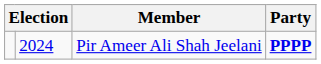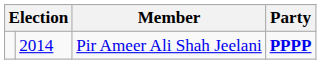 <table class="wikitable">
 <tr>
 <th colspan="2">Election</th>
 <th>Member</th>
 <th>Party</th>
 </tr>
 <tr>
 <td style="background-color: "></td>
-<td><a href='#'>2024</a></td>
+<td><a href='#'>2014</a></td>
 <td><a href='#'>Pir Ameer Ali Shah Jeelani</a></td>
 <td><strong><a href='#'>PPPP</a></strong></td>
 </tr>
 </table>
